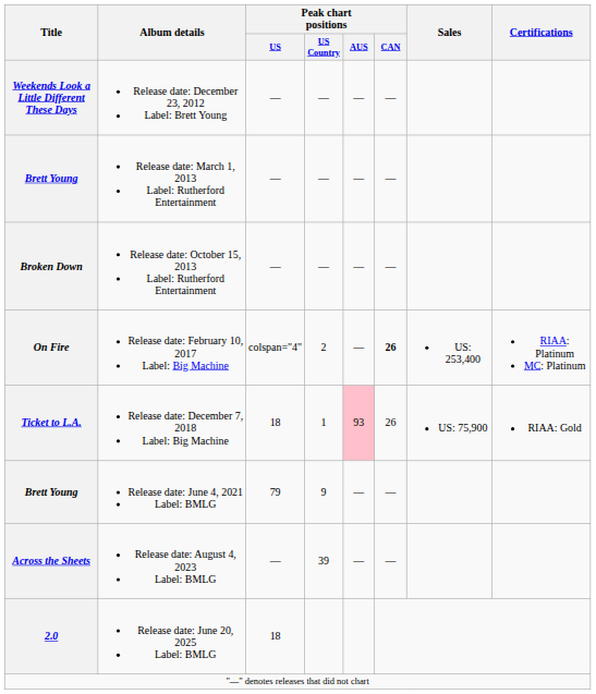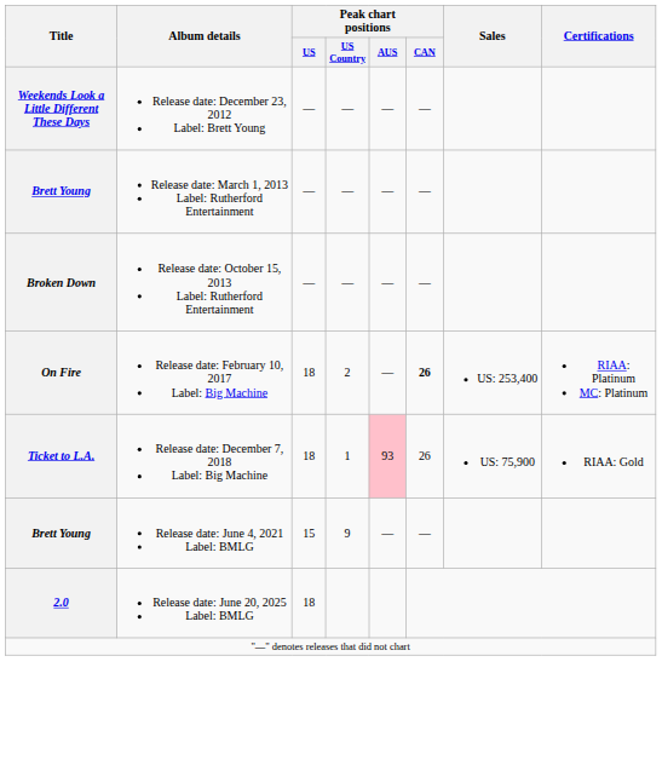 <table class="wikitable plainrowheaders" style="text-align:center;">
 <tr>
 <th rowspan="2" scope="col" style="width:12em;">Title</th>
 <th rowspan="2" scope="col" style="width:18em;">Album details</th>
 <th colspan="4" scope="col">Peak chart<br>positions</th>
 <th rowspan="2" scope="col" style="width:9em;">Sales</th>
 <th rowspan="2" scope="col" style="width:11em;"><a href='#'>Certifications</a></th>
 </tr>
 <tr style="font-size:smaller;">
 <th scope="col" style="width:4em;"><a href='#'>US</a><br></th>
 <th scope="col" style="width:4em;"><a href='#'>US Country</a><br></th>
 <th scope="col" style="width:4em;"><a href='#'>AUS</a><br></th>
 <th scope="col" style="width:4em;"><a href='#'>CAN</a><br></th>
 </tr>
 <tr>
 <th scope="row"><em><a href='#'>Weekends Look a Little Different These Days</a></em></th>
 <td><br><ul><li>Release date: December 23, 2012</li><li>Label: Brett Young</li></ul></td>
 <td>—</td>
 <td>—</td>
 <td>—</td>
 <td>—</td>
 <td></td>
 <td></td>
 </tr>
 <tr>
 <th scope="row"><em><a href='#'>Brett Young</a></em></th>
 <td><br><ul><li>Release date: March 1, 2013</li><li>Label: Rutherford Entertainment</li></ul></td>
 <td>—</td>
 <td>—</td>
 <td>—</td>
 <td>—</td>
 <td></td>
 <td></td>
 </tr>
 <tr>
 <th scope="row"><em>Broken Down</em></th>
 <td><br><ul><li>Release date: October 15, 2013</li><li>Label: Rutherford Entertainment</li></ul></td>
 <td>—</td>
 <td>—</td>
 <td>—</td>
 <td>—</td>
 <td></td>
 <td></td>
 </tr>
 <tr>
 <th scope="row"><em>On Fire</em></th>
 <td><br><ul><li>Release date: February 10, 2017</li><li>Label: <a href='#'>Big Machine</a></li></ul></td>
-<td>colspan="4" </td>
+<td>18</td>
 <td>2</td>
 <td>—</td>
 <td><strong>26</strong></td>
 <td><br><ul><li>US: 253,400</li></ul></td>
 <td><br><ul><li><a href='#'>RIAA</a>: Platinum</li><li><a href='#'>MC</a>: Platinum</li></ul></td>
 </tr>
 <tr>
 <th scope="row"><em><a href='#'>Ticket to L.A.</a></em></th>
 <td><br><ul><li>Release date: December 7, 2018</li><li>Label: Big Machine</li></ul></td>
 <td>18</td>
 <td>1</td>
 <td style="background: pink;">93</td>
 <td>26</td>
 <td><br><ul><li>US: 75,900</li></ul></td>
 <td><br><ul><li>RIAA: Gold</li></ul></td>
 </tr>
 <tr>
 <th scope="row"><em>Brett Young</em></th>
 <td><br><ul><li>Release date: June 4, 2021</li><li>Label: BMLG</li></ul></td>
-<td>79</td>
+<td>15</td>
 <td>9</td>
-<td>—</td>
-<td>—</td>
-<td></td>
-<td></td>
-</tr>
-<tr>
-<th scope="row"><em><a href='#'>Across the Sheets</a></em></th>
-<td><br><ul><li>Release date: August 4, 2023</li><li>Label: BMLG</li></ul></td>
-<td>—</td>
-<td>39</td>
 <td>—</td>
 <td>—</td>
 <td></td>
 <td></td>
 </tr>
 <tr>
 <th scope="row"><em><a href='#'>2.0</a></em></th>
 <td><br><ul><li>Release date: June 20, 2025</li><li>Label: BMLG</li></ul></td>
 <td>18</td>
 <td></td>
 <td></td>
 </tr>
 <tr>
 <td colspan="8" style="font-size:85%">"—" denotes releases that did not chart</td>
 </tr>
 </table>
